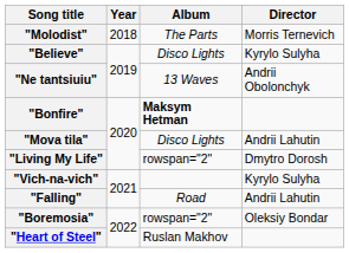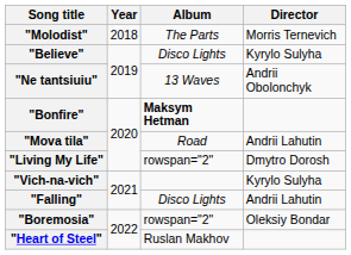 <table class="wikitable plainrowheaders">
 <tr>
 <th scope="col" width="125px">Song title</th>
 <th scope="col">Year</th>
 <th scope="col" width="125px">Album</th>
 <th scope="col" width="125px">Director</th>
 </tr>
 <tr>
 <th scope="row">"Molodist"</th>
 <td>2018</td>
 <td style="text-align:center"><em>The Parts</em></td>
 <td>Morris Ternevich</td>
 </tr>
 <tr>
 <th scope="row">"Believe"</th>
 <td rowspan="2">2019</td>
 <td style="text-align:center"><em>Disco Lights</em></td>
 <td>Kyrylo Sulyha</td>
 </tr>
 <tr>
 <th scope="row">"Ne tantsiuiu"</th>
 <td style="text-align:center"><em>13 Waves</em></td>
 <td>Andrii Obolonchyk</td>
 </tr>
 <tr>
 <th scope="row">"Bonfire"</th>
 <td rowspan="3">2020</td>
 <td><strong>Maksym Hetman</strong></td>
 </tr>
 <tr>
 <th scope="row">"Mova tila"</th>
-<td style="text-align:center"><em>Disco Lights</em></td>
+<td style="text-align:center"><em>Road</em></td>
 <td>Andrii Lahutin</td>
 </tr>
 <tr>
 <th scope="row">"Living My Life"</th>
 <td>rowspan="2" </td>
 <td>Dmytro Dorosh</td>
 </tr>
 <tr>
 <th scope="row">"Vich-na-vich"</th>
 <td rowspan="2">2021</td>
 <td></td>
 <td>Kyrylo Sulyha</td>
 </tr>
 <tr>
 <th scope="row">"Falling"</th>
-<td style="text-align:center"><em>Road</em></td>
+<td style="text-align:center"><em>Disco Lights</em></td>
 <td>Andrii Lahutin</td>
 </tr>
 <tr>
 <th scope="row">"Boremosia"</th>
 <td rowspan="2">2022</td>
 <td>rowspan="2" </td>
 <td>Oleksiy Bondar</td>
 </tr>
 <tr>
 <th scope="row">"<a href='#'>Heart of Steel</a>"</th>
 <td>Ruslan Makhov</td>
 </tr>
 </table>
